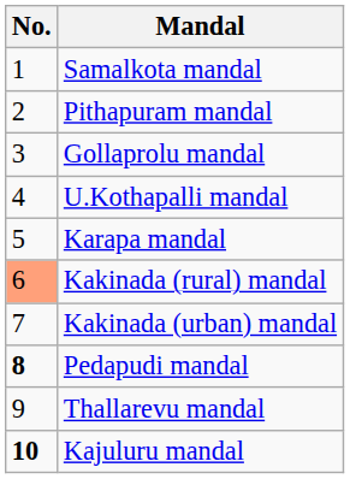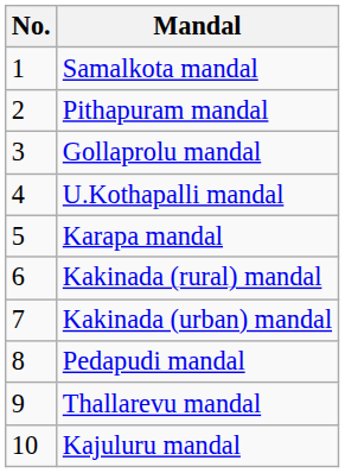 <table class="wikitable">
 <tr>
 <th>No.</th>
 <th>Mandal</th>
 </tr>
 <tr>
 <td>1</td>
 <td><a href='#'>Samalkota mandal</a></td>
 </tr>
 <tr>
 <td>2</td>
 <td><a href='#'>Pithapuram mandal</a></td>
 </tr>
 <tr>
 <td>3</td>
 <td><a href='#'>Gollaprolu mandal</a></td>
 </tr>
 <tr>
 <td>4</td>
 <td><a href='#'>U.Kothapalli mandal</a></td>
 </tr>
 <tr>
 <td>5</td>
 <td><a href='#'>Karapa mandal</a></td>
 </tr>
 <tr>
-<td style="background: lightsalmon;">6</td>
+<td>6</td>
 <td><a href='#'>Kakinada (rural) mandal</a></td>
 </tr>
 <tr>
 <td>7</td>
 <td><a href='#'>Kakinada (urban) mandal</a></td>
 </tr>
 <tr>
-<td><strong>8</strong></td>
+<td>8</td>
 <td><a href='#'>Pedapudi mandal</a></td>
 </tr>
 <tr>
 <td>9</td>
 <td><a href='#'>Thallarevu mandal</a></td>
 </tr>
 <tr>
-<td><strong>10</strong></td>
+<td>10</td>
 <td><a href='#'>Kajuluru mandal</a></td>
 </tr>
 </table>
